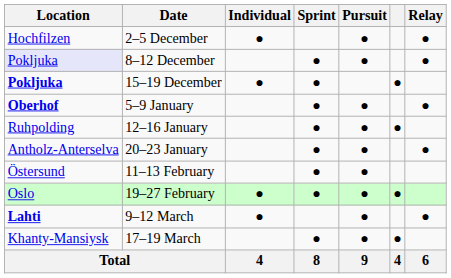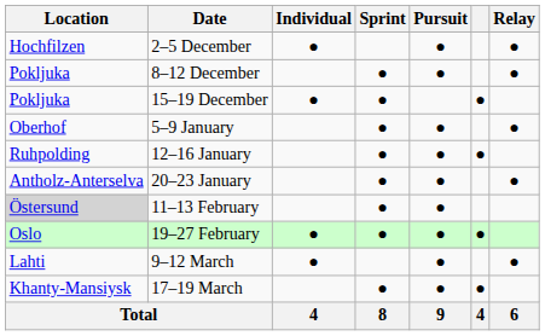 <table class="wikitable" border="1">
 <tr>
 <th>Location</th>
 <th>Date</th>
 <th>Individual</th>
 <th>Sprint</th>
 <th>Pursuit</th>
 <th></th>
 <th>Relay</th>
 </tr>
 <tr align=center>
 <td align=left> <a href='#'>Hochfilzen</a></td>
 <td align=left>2–5 December</td>
 <td>●</td>
 <td></td>
 <td>●</td>
 <td></td>
 <td>●</td>
 </tr>
 <tr align=center>
-<td align=left style="background: lavender;"> <a href='#'>Pokljuka</a></td>
+<td align=left> <a href='#'>Pokljuka</a></td>
 <td align=left>8–12 December</td>
 <td></td>
 <td>●</td>
 <td>●</td>
 <td></td>
 <td>●</td>
 </tr>
 <tr align=center>
-<td align=left><strong> <a href='#'>Pokljuka</a></strong></td>
+<td align=left> <a href='#'>Pokljuka</a></td>
 <td align=left>15–19 December</td>
 <td>●</td>
 <td>●</td>
 <td></td>
 <td>●</td>
 <td></td>
 </tr>
 <tr align=center>
-<td align=left><strong> <a href='#'>Oberhof</a></strong></td>
+<td align=left> <a href='#'>Oberhof</a></td>
 <td align=left>5–9 January</td>
 <td></td>
 <td>●</td>
 <td>●</td>
 <td></td>
 <td>●</td>
 </tr>
 <tr align=center>
 <td align=left> <a href='#'>Ruhpolding</a></td>
 <td align=left>12–16 January</td>
 <td></td>
 <td>●</td>
 <td>●</td>
 <td>●</td>
 <td></td>
 </tr>
 <tr align=center>
 <td align=left> <a href='#'>Antholz-Anterselva</a></td>
 <td align=left>20–23 January</td>
 <td></td>
 <td>●</td>
 <td>●</td>
 <td></td>
 <td>●</td>
 </tr>
 <tr align=center>
-<td align=left> <a href='#'>Östersund</a></td>
+<td align=left style="background: lightgrey;"> <a href='#'>Östersund</a></td>
 <td align=left>11–13 February</td>
 <td></td>
 <td>●</td>
 <td>●</td>
 <td></td>
 <td></td>
 </tr>
 <tr align=center  style="background:#ccffcc">
 <td align=left> <a href='#'>Oslo</a></td>
 <td align=left>19–27 February</td>
 <td>●</td>
 <td>●</td>
 <td>●</td>
 <td>●</td>
 <td></td>
 </tr>
 <tr align=center>
-<td align=left><strong> <a href='#'>Lahti</a></strong></td>
+<td align=left> <a href='#'>Lahti</a></td>
 <td align=left>9–12 March</td>
 <td>●</td>
 <td></td>
 <td>●</td>
 <td></td>
 <td>●</td>
 </tr>
 <tr align=center>
 <td align=left> <a href='#'>Khanty-Mansiysk</a></td>
 <td align=left>17–19 March</td>
 <td></td>
 <td>●</td>
 <td>●</td>
 <td>●</td>
 <td></td>
 </tr>
 <tr align=center>
 <th colspan="2">Total</th>
 <th>4</th>
 <th>8</th>
 <th>9</th>
 <th>4</th>
 <th>6</th>
 </tr>
 </table>
